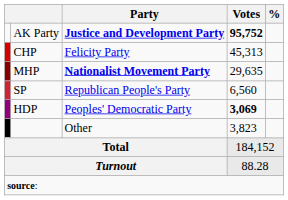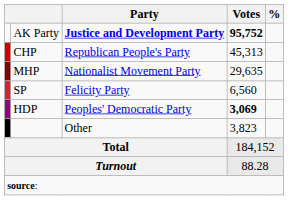 <table class="wikitable">
 <tr>
 <th colspan="2" align="center"></th>
 <th align="center">Party</th>
 <th align="center">Votes</th>
 <th align="center">%</th>
 </tr>
 <tr align="left">
 <td></td>
 <td>AK Party</td>
 <td><strong><a href='#'>Justice and Development Party</a></strong></td>
 <td><strong>95,752</strong></td>
 <td><strong></strong></td>
 </tr>
 <tr align="left">
 <td bgcolor="#d50000" width="1"></td>
 <td>CHP</td>
-<td><a href='#'>Felicity Party</a></td>
+<td><a href='#'>Republican People's Party</a></td>
 <td>45,313</td>
 <td></td>
 </tr>
 <tr align="left">
 <td bgcolor="#870000" width="1"></td>
 <td>MHP</td>
-<td><strong><a href='#'>Nationalist Movement Party</a></strong></td>
+<td><a href='#'>Nationalist Movement Party</a></td>
 <td>29,635</td>
 <td></td>
 </tr>
 <tr align="left">
 <td bgcolor="#D02433" width="1"></td>
 <td>SP</td>
-<td><a href='#'>Republican People's Party</a></td>
+<td><a href='#'>Felicity Party</a></td>
 <td>6,560</td>
 <td></td>
 </tr>
 <tr align="left">
 <td bgcolor="#91007B" width="1"></td>
 <td>HDP</td>
 <td><a href='#'>Peoples' Democratic Party</a></td>
 <td><strong>3,069</strong></td>
 <td></td>
 </tr>
 <tr align="left">
 <td bgcolor=" " width="1"></td>
 <td></td>
 <td>Other</td>
 <td>3,823</td>
 <td></td>
 </tr>
 <tr align="left" style="background-color:#E9E9E9">
 <th colspan="3" align="center"><strong>Total</strong></th>
 <td colspan="5" align="center">184,152</td>
 </tr>
 <tr align="left" style="background-color:#E9E9E9">
 <th colspan="3" align="center"><em>Turnout</em></th>
 <td colspan="5" align="center">88.28</td>
 </tr>
 <tr>
 <td colspan="9" align="left"><small><strong>source</strong>: </small></td>
 </tr>
 </table>
